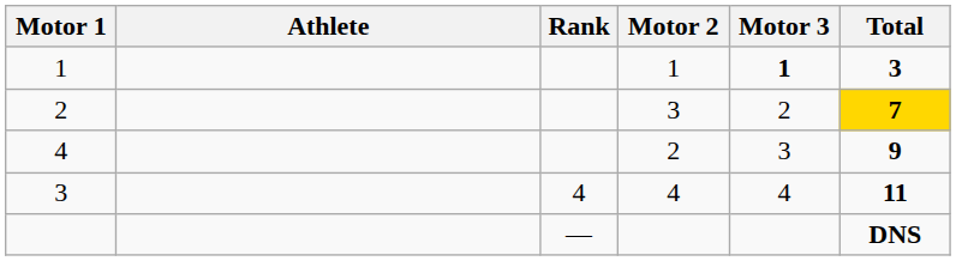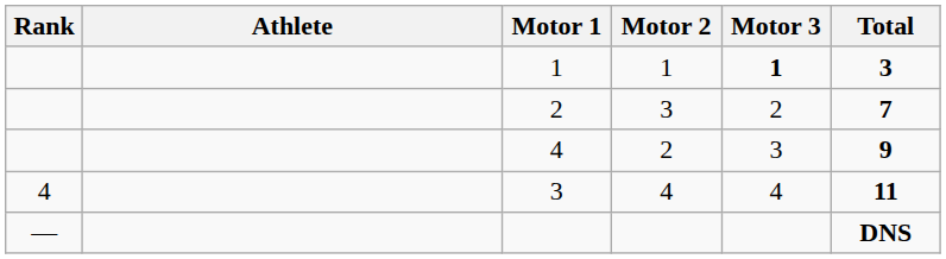 <table class=wikitable style="text-align:center">
 <tr>
+<th width=40>Rank</th>
+<th width=250>Athlete</th>
 <th width=60>Motor 1</th>
-<th width=250>Athlete</th>
-<th width=40>Rank</th>
 <th width=60>Motor 2</th>
 <th width=60>Motor 3</th>
 <th width=60>Total</th>
 </tr>
 <tr>
+<td></td>
+<td align=left></td>
 <td>1</td>
-<td align=left></td>
-<td></td>
 <td>1</td>
 <td><strong>1</strong></td>
 <td><strong>3</strong></td>
 </tr>
 <tr>
+<td></td>
+<td align=left></td>
 <td>2</td>
-<td align=left></td>
-<td></td>
 <td>3</td>
 <td>2</td>
-<td style="background: gold;"><strong>7</strong></td>
+<td><strong>7</strong></td>
 </tr>
 <tr>
+<td></td>
+<td align=left></td>
 <td>4</td>
-<td align=left></td>
-<td></td>
 <td>2</td>
 <td>3</td>
 <td><strong>9</strong></td>
 </tr>
 <tr>
+<td>4</td>
+<td align=left></td>
 <td>3</td>
-<td align=left></td>
-<td>4</td>
 <td>4</td>
 <td>4</td>
 <td><strong>11</strong></td>
 </tr>
 <tr>
+<td>—</td>
+<td align=left></td>
 <td></td>
-<td align=left></td>
-<td>—</td>
 <td></td>
 <td></td>
 <td><strong>DNS</strong></td>
 </tr>
 </table>
